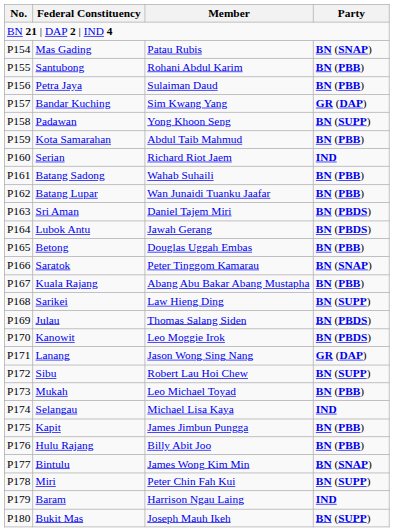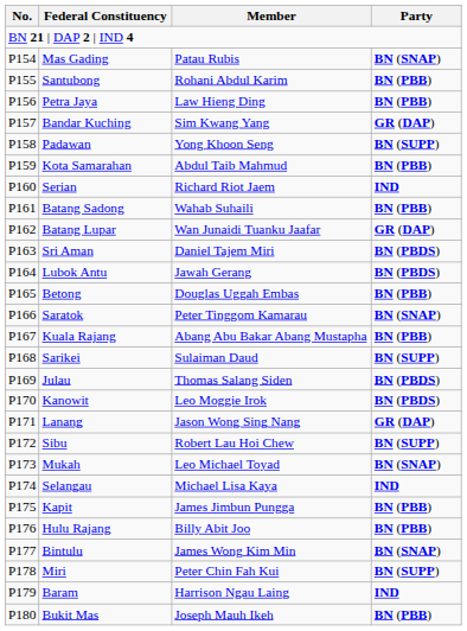 <table class="wikitable sortable">
 <tr>
 <th style="width:30px;">No.</th>
 <th style="width:150px;">Federal Constituency</th>
 <th style="width:230px;">Member</th>
 <th style="width:100px;">Party</th>
 </tr>
 <tr>
 <td colspan="4"><a href='#'>BN</a> <strong>21</strong> | <a href='#'>DAP</a> <strong>2</strong> | <a href='#'>IND</a> <strong>4</strong></td>
 </tr>
 <tr>
 <td>P154</td>
 <td><a href='#'>Mas Gading</a></td>
 <td><a href='#'>Patau Rubis</a></td>
 <td><strong><a href='#'>BN</a></strong> (<strong><a href='#'>SNAP</a></strong>)</td>
 </tr>
 <tr>
 <td>P155</td>
 <td><a href='#'>Santubong</a></td>
 <td><a href='#'>Rohani Abdul Karim</a></td>
 <td><strong><a href='#'>BN</a></strong> (<strong><a href='#'>PBB</a></strong>)</td>
 </tr>
 <tr>
 <td>P156</td>
 <td><a href='#'>Petra Jaya</a></td>
-<td><a href='#'>Sulaiman Daud</a></td>
+<td><a href='#'>Law Hieng Ding</a></td>
 <td><strong><a href='#'>BN</a></strong> (<strong><a href='#'>PBB</a></strong>)</td>
 </tr>
 <tr>
 <td>P157</td>
 <td><a href='#'>Bandar Kuching</a></td>
 <td><a href='#'>Sim Kwang Yang</a></td>
 <td><strong><a href='#'>GR</a></strong> (<strong><a href='#'>DAP</a></strong>)</td>
 </tr>
 <tr>
 <td>P158</td>
 <td><a href='#'>Padawan</a></td>
 <td><a href='#'>Yong Khoon Seng</a></td>
 <td><strong><a href='#'>BN</a></strong> (<strong><a href='#'>SUPP</a></strong>)</td>
 </tr>
 <tr>
 <td>P159</td>
 <td><a href='#'>Kota Samarahan</a></td>
 <td><a href='#'>Abdul Taib Mahmud</a></td>
 <td><strong><a href='#'>BN</a></strong> (<strong><a href='#'>PBB</a></strong>)</td>
 </tr>
 <tr>
 <td>P160</td>
 <td><a href='#'>Serian</a></td>
 <td><a href='#'>Richard Riot Jaem</a></td>
 <td><strong><a href='#'>IND</a></strong></td>
 </tr>
 <tr>
 <td>P161</td>
 <td><a href='#'>Batang Sadong</a></td>
 <td><a href='#'>Wahab Suhaili</a></td>
 <td><strong><a href='#'>BN</a></strong> (<strong><a href='#'>PBB</a></strong>)</td>
 </tr>
 <tr>
 <td>P162</td>
 <td><a href='#'>Batang Lupar</a></td>
 <td><a href='#'>Wan Junaidi Tuanku Jaafar</a></td>
-<td><strong><a href='#'>BN</a></strong> (<strong><a href='#'>PBB</a></strong>)</td>
+<td><strong><a href='#'>GR</a></strong> (<strong><a href='#'>DAP</a></strong>)</td>
 </tr>
 <tr>
 <td>P163</td>
 <td><a href='#'>Sri Aman</a></td>
 <td><a href='#'>Daniel Tajem Miri</a></td>
 <td><strong><a href='#'>BN</a></strong> (<strong><a href='#'>PBDS</a></strong>)</td>
 </tr>
 <tr>
 <td>P164</td>
 <td><a href='#'>Lubok Antu</a></td>
 <td><a href='#'>Jawah Gerang</a></td>
 <td><strong><a href='#'>BN</a></strong> (<strong><a href='#'>PBDS</a></strong>)</td>
 </tr>
 <tr>
 <td>P165</td>
 <td><a href='#'>Betong</a></td>
 <td><a href='#'>Douglas Uggah Embas</a></td>
 <td><strong><a href='#'>BN</a></strong> (<strong><a href='#'>PBB</a></strong>)</td>
 </tr>
 <tr>
 <td>P166</td>
 <td><a href='#'>Saratok</a></td>
 <td><a href='#'>Peter Tinggom Kamarau</a></td>
 <td><strong><a href='#'>BN</a></strong> (<strong><a href='#'>SNAP</a></strong>)</td>
 </tr>
 <tr>
 <td>P167</td>
 <td><a href='#'>Kuala Rajang</a></td>
 <td><a href='#'>Abang Abu Bakar Abang Mustapha</a></td>
 <td><strong><a href='#'>BN</a></strong> (<strong><a href='#'>PBB</a></strong>)</td>
 </tr>
 <tr>
 <td>P168</td>
 <td><a href='#'>Sarikei</a></td>
-<td><a href='#'>Law Hieng Ding</a></td>
+<td><a href='#'>Sulaiman Daud</a></td>
 <td><strong><a href='#'>BN</a></strong> (<strong><a href='#'>SUPP</a></strong>)</td>
 </tr>
 <tr>
 <td>P169</td>
 <td><a href='#'>Julau</a></td>
 <td><a href='#'>Thomas Salang Siden</a></td>
 <td><strong><a href='#'>BN</a></strong> (<strong><a href='#'>PBDS</a></strong>)</td>
 </tr>
 <tr>
 <td>P170</td>
 <td><a href='#'>Kanowit</a></td>
 <td><a href='#'>Leo Moggie Irok</a></td>
 <td><strong><a href='#'>BN</a></strong> (<strong><a href='#'>PBDS</a></strong>)</td>
 </tr>
 <tr>
 <td>P171</td>
 <td><a href='#'>Lanang</a></td>
 <td><a href='#'>Jason Wong Sing Nang</a></td>
 <td><strong><a href='#'>GR</a></strong> (<strong><a href='#'>DAP</a></strong>)</td>
 </tr>
 <tr>
 <td>P172</td>
 <td><a href='#'>Sibu</a></td>
 <td><a href='#'>Robert Lau Hoi Chew</a></td>
 <td><strong><a href='#'>BN</a></strong> (<strong><a href='#'>SUPP</a></strong>)</td>
 </tr>
 <tr>
 <td>P173</td>
 <td><a href='#'>Mukah</a></td>
 <td><a href='#'>Leo Michael Toyad</a></td>
-<td><strong><a href='#'>BN</a></strong> (<strong><a href='#'>PBB</a></strong>)</td>
+<td><strong><a href='#'>BN</a></strong> (<strong><a href='#'>SNAP</a></strong>)</td>
 </tr>
 <tr>
 <td>P174</td>
 <td><a href='#'>Selangau</a></td>
 <td><a href='#'>Michael Lisa Kaya</a></td>
 <td><strong><a href='#'>IND</a></strong></td>
 </tr>
 <tr>
 <td>P175</td>
 <td><a href='#'>Kapit</a></td>
 <td><a href='#'>James Jimbun Pungga</a></td>
 <td><strong><a href='#'>BN</a></strong> (<strong><a href='#'>PBB</a></strong>)</td>
 </tr>
 <tr>
 <td>P176</td>
 <td><a href='#'>Hulu Rajang</a></td>
 <td><a href='#'>Billy Abit Joo</a></td>
 <td><strong><a href='#'>BN</a></strong> (<strong><a href='#'>PBB</a></strong>)</td>
 </tr>
 <tr>
 <td>P177</td>
 <td><a href='#'>Bintulu</a></td>
 <td><a href='#'>James Wong Kim Min</a></td>
 <td><strong><a href='#'>BN</a></strong> (<strong><a href='#'>SNAP</a></strong>)</td>
 </tr>
 <tr>
 <td>P178</td>
 <td><a href='#'>Miri</a></td>
 <td><a href='#'>Peter Chin Fah Kui</a></td>
 <td><strong><a href='#'>BN</a></strong> (<strong><a href='#'>SUPP</a></strong>)</td>
 </tr>
 <tr>
 <td>P179</td>
 <td><a href='#'>Baram</a></td>
 <td><a href='#'>Harrison Ngau Laing</a></td>
 <td><strong><a href='#'>IND</a></strong></td>
 </tr>
 <tr>
 <td>P180</td>
 <td><a href='#'>Bukit Mas</a></td>
 <td><a href='#'>Joseph Mauh Ikeh</a></td>
-<td><strong><a href='#'>BN</a></strong> (<strong><a href='#'>SUPP</a></strong>)</td>
+<td><strong><a href='#'>BN</a></strong> (<strong><a href='#'>PBB</a></strong>)</td>
 </tr>
 </table>
